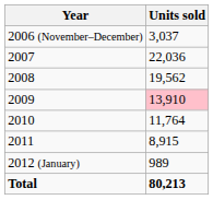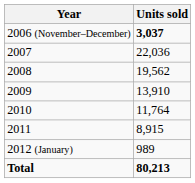 <table class="wikitable">
 <tr>
 <th>Year</th>
 <th>Units sold</th>
 </tr>
 <tr>
 <td>2006 <small>(November–December)</small></td>
-<td>3,037</td>
+<td><strong>3,037</strong></td>
 </tr>
 <tr>
 <td>2007</td>
 <td>22,036</td>
 </tr>
 <tr>
 <td>2008</td>
 <td>19,562</td>
 </tr>
 <tr>
 <td>2009</td>
-<td style="background: pink;">13,910</td>
+<td>13,910</td>
 </tr>
 <tr>
 <td>2010</td>
 <td>11,764</td>
 </tr>
 <tr>
 <td>2011</td>
 <td>8,915</td>
 </tr>
 <tr>
 <td>2012 <small>(January)</small></td>
 <td>989</td>
 </tr>
 <tr>
 <td><strong>Total</strong></td>
 <td><strong>80,213</strong></td>
 </tr>
 </table>
